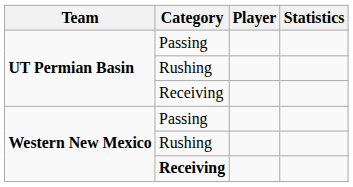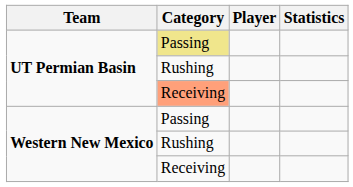 <table class="wikitable" style="float: right;">
 <tr>
 <th>Team</th>
 <th>Category</th>
 <th>Player</th>
 <th>Statistics</th>
 </tr>
 <tr>
 <td rowspan=3><strong>UT Permian Basin</strong></td>
-<td>Passing</td>
+<td style="background: khaki;">Passing</td>
 <td></td>
 <td></td>
 </tr>
 <tr>
 <td>Rushing</td>
 <td></td>
 <td></td>
 </tr>
 <tr>
-<td>Receiving</td>
+<td style="background: lightsalmon;">Receiving</td>
 <td></td>
 <td></td>
 </tr>
 <tr>
 <td rowspan=3><strong>Western New Mexico</strong></td>
 <td>Passing</td>
 <td></td>
 <td></td>
 </tr>
 <tr>
 <td>Rushing</td>
 <td></td>
 <td></td>
 </tr>
 <tr>
-<td><strong>Receiving</strong></td>
+<td>Receiving</td>
 <td></td>
 <td></td>
 </tr>
 </table>
